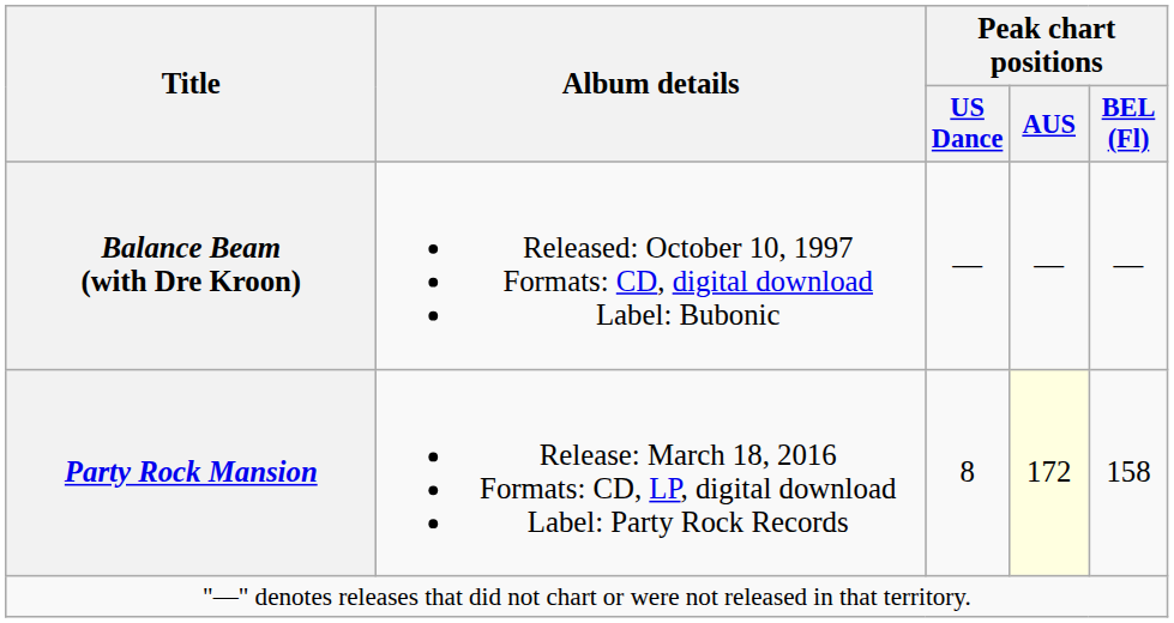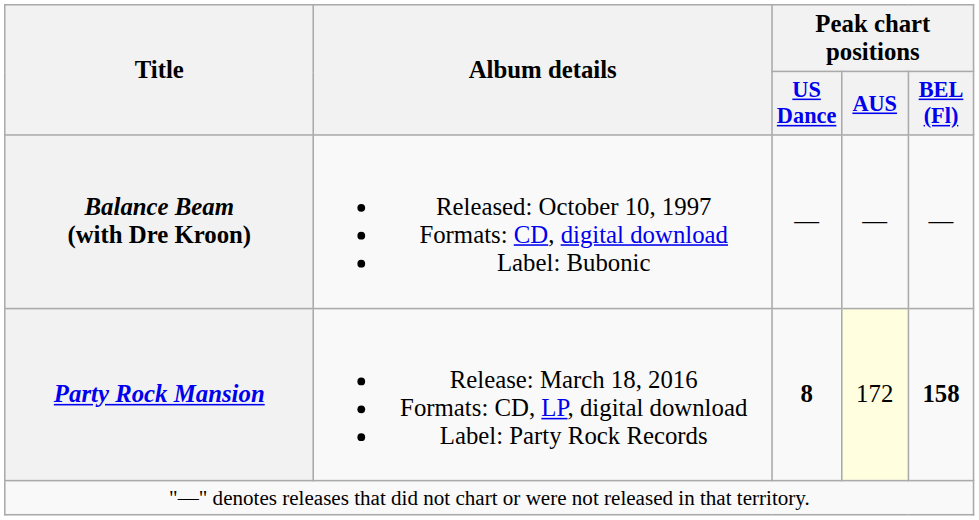 <table class="wikitable plainrowheaders" style="text-align:center;">
 <tr>
 <th scope="col" style="width:12em;" rowspan="2">Title</th>
 <th scope="col" style="width:18em;" rowspan="2">Album details</th>
 <th scope="col" colspan="3">Peak chart positions</th>
 </tr>
 <tr>
 <th scope="col" style="width:2.5em;font-size:90%;"><a href='#'>US<br>Dance</a><br></th>
 <th scope="col" style="width:2.5em;font-size:90%;"><a href='#'>AUS</a><br></th>
 <th scope="col" style="width:2.5em;font-size:90%;"><a href='#'>BEL<br>(Fl)</a><br></th>
 </tr>
 <tr>
 <th scope="row"><em>Balance Beam</em><br><span>(with Dre Kroon)</span></th>
 <td><br><ul><li>Released: October 10, 1997</li><li>Formats: <a href='#'>CD</a>, <a href='#'>digital download</a></li><li>Label: Bubonic</li></ul></td>
 <td>—</td>
 <td>—</td>
 <td>—</td>
 </tr>
 <tr>
 <th scope="row"><em><a href='#'>Party Rock Mansion</a></em></th>
 <td><br><ul><li>Release: March 18, 2016</li><li>Formats: CD, <a href='#'>LP</a>, digital download</li><li>Label: Party Rock Records</li></ul></td>
-<td>8</td>
+<td><strong>8</strong></td>
 <td style="background: lightyellow;">172</td>
-<td>158</td>
+<td><strong>158</strong></td>
 </tr>
 <tr>
 <td colspan="15" style="font-size:85%">"—" denotes releases that did not chart or were not released in that territory.</td>
 </tr>
 </table>
